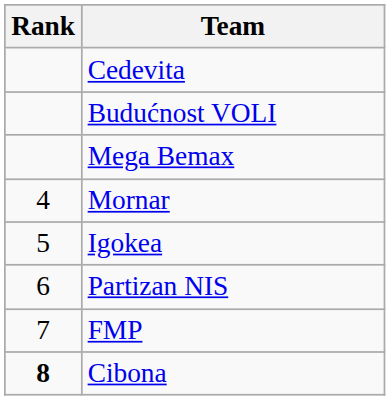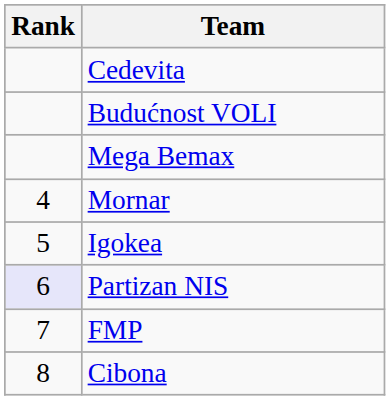 <table class="wikitable">
 <tr>
 <th>Rank</th>
 <th width=170>Team</th>
 </tr>
 <tr>
 <td align=center></td>
 <td> <a href='#'>Cedevita</a></td>
 </tr>
 <tr>
 <td align=center></td>
 <td> <a href='#'>Budućnost VOLI</a></td>
 </tr>
 <tr>
 <td align=center></td>
 <td> <a href='#'>Mega Bemax</a></td>
 </tr>
 <tr>
 <td align=center>4</td>
 <td> <a href='#'>Mornar</a></td>
 </tr>
 <tr>
 <td align=center>5</td>
 <td> <a href='#'>Igokea</a></td>
 </tr>
 <tr>
-<td align=center>6</td>
+<td align=center style="background: lavender;">6</td>
 <td> <a href='#'>Partizan NIS</a></td>
 </tr>
 <tr>
 <td align=center>7</td>
 <td> <a href='#'>FMP</a></td>
 </tr>
 <tr>
-<td align=center><strong>8</strong></td>
+<td align=center>8</td>
 <td> <a href='#'>Cibona</a></td>
 </tr>
 </table>
